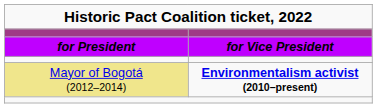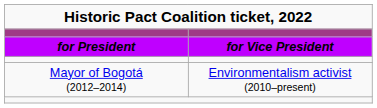 <table class="wikitable" style="font-size:90%; text-align:center;">
 <tr>
 <td colspan="28"><big><strong>Historic Pact Coalition ticket, 2022</strong></big></td>
 </tr>
 <tr>
 <th style="width:3em; font-size:135%; background:#9F3A86; width:200px;"></th>
 <th style="width:3em; font-size:135%; background:#9F3A86; width:200px;"></th>
 </tr>
 <tr style="color:#000; font-size:100%; background:#BF00FF;">
 <td style="width:3em; width:200px;"><strong><em>for President</em></strong></td>
 <td style="width:3em; width:200px;"><strong><em>for Vice President</em></strong></td>
 </tr>
 <tr>
 <td></td>
 <td></td>
 </tr>
 <tr>
-<td style="background: khaki;"><a href='#'>Mayor of Bogotá</a><br><small>(2012–2014)</small></td>
-<td><strong><a href='#'>Environmentalism activist</a><br><small>(2010–present)</small></strong></td>
+<td><a href='#'>Mayor of Bogotá</a><br><small>(2012–2014)</small></td>
+<td><a href='#'>Environmentalism activist</a><br><small>(2010–present)</small></td>
 </tr>
 <tr>
 <td colspan="2"></td>
 </tr>
 </table>
